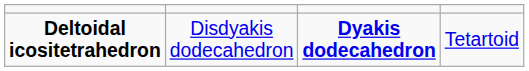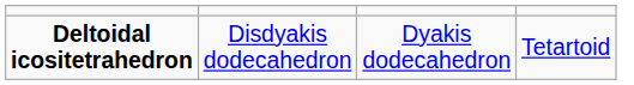 <table class="wikitable" style="text-align: center;">
 <tr>
 <td></td>
 <td></td>
 <td></td>
 <td></td>
 </tr>
 <tr>
 <td><strong>Deltoidal<br>icositetrahedron</strong></td>
 <td><a href='#'>Disdyakis<br>dodecahedron</a></td>
-<td><strong><a href='#'>Dyakis<br>dodecahedron</a></strong></td>
+<td><a href='#'>Dyakis<br>dodecahedron</a></td>
 <td><a href='#'>Tetartoid</a></td>
 </tr>
 </table>
